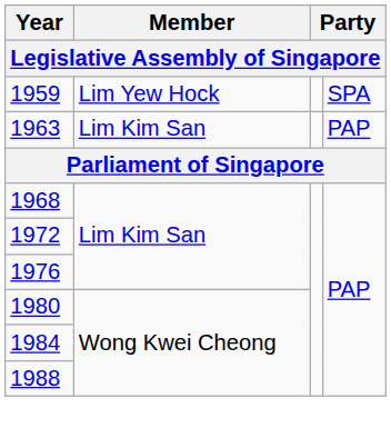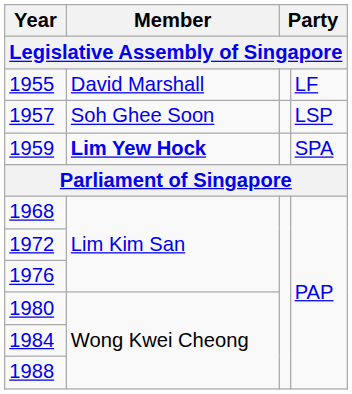 <table class="wikitable">
 <tr>
 <th>Year</th>
 <th>Member</th>
 <th colspan="2">Party</th>
 </tr>
 <tr>
 <th colspan="4"><a href='#'>Legislative Assembly of Singapore</a></th>
 </tr>
 <tr>
+<td><a href='#'>1955</a></td>
+<td><a href='#'>David Marshall</a></td>
+<td></td>
+<td><a href='#'>LF</a></td>
+</tr>
+<tr>
+<td><a href='#'>1957</a></td>
+<td><a href='#'>Soh Ghee Soon</a></td>
+<td></td>
+<td><a href='#'>LSP</a></td>
+</tr>
+<tr>
 <td><a href='#'>1959</a></td>
-<td><a href='#'>Lim Yew Hock</a></td>
+<td><strong><a href='#'>Lim Yew Hock</a></strong></td>
 <td></td>
 <td><a href='#'>SPA</a></td>
-</tr>
-<tr>
-<td><a href='#'>1963</a></td>
-<td><a href='#'>Lim Kim San</a></td>
-<td></td>
-<td><a href='#'>PAP</a></td>
 </tr>
 <tr>
 <th colspan="4"><a href='#'>Parliament of Singapore</a></th>
 </tr>
 <tr>
 <td><a href='#'>1968</a></td>
 <td rowspan="3"><a href='#'>Lim Kim San</a></td>
 <td rowspan="6"></td>
 <td rowspan="6"><a href='#'>PAP</a></td>
 </tr>
 <tr>
 <td><a href='#'>1972</a></td>
 </tr>
 <tr>
 <td><a href='#'>1976</a></td>
 </tr>
 <tr>
 <td><a href='#'>1980</a></td>
 <td rowspan="3">Wong Kwei Cheong</td>
 </tr>
 <tr>
 <td><a href='#'>1984</a></td>
 </tr>
 <tr>
 <td><a href='#'>1988</a></td>
 </tr>
 </table>
